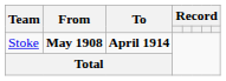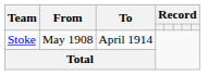 <table class="wikitable" style="text-align:center">
 <tr>
 <th rowspan="2">Team</th>
 <th rowspan="2">From</th>
 <th rowspan="2">To</th>
 <th colspan="5">Record</th>
 </tr>
 <tr>
 <th></th>
 <th></th>
 <th></th>
 <th></th>
 <th></th>
 </tr>
 <tr>
 <td align=left><a href='#'>Stoke</a></td>
-<td align=left><strong>May 1908</strong></td>
-<td align=left><strong>April 1914<br></strong></td>
+<td align=left>May 1908</td>
+<td align=left>April 1914<br></td>
 </tr>
 <tr>
 <th colspan="3">Total<br></th>
 </tr>
 </table>
